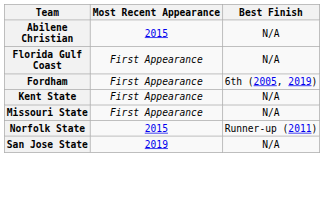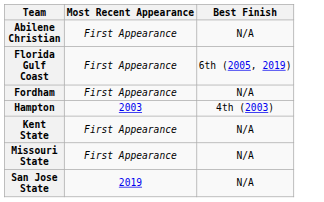 <table class="wikitable">
 <tr>
 <th>Team</th>
 <th>Most Recent Appearance</th>
 <th>Best Finish</th>
 </tr>
 <tr style="text-align:center;">
 <th width="75">Abilene Christian</th>
-<td><a href='#'>2015</a></td>
+<td><em>First Appearance</em></td>
 <td>N/A</td>
 </tr>
 <tr style="text-align:center;">
 <th width="75">Florida Gulf Coast</th>
 <td><em>First Appearance</em></td>
-<td>N/A</td>
+<td>6th (<a href='#'>2005</a>, <a href='#'>2019</a>)</td>
 </tr>
 <tr style="text-align:center;">
 <th width="75">Fordham</th>
 <td><em>First Appearance</em></td>
-<td>6th (<a href='#'>2005</a>, <a href='#'>2019</a>)</td>
+<td>N/A</td>
+</tr>
+<tr style="text-align:center;">
+<th width="75">Hampton</th>
+<td><a href='#'>2003</a></td>
+<td>4th (<a href='#'>2003</a>)</td>
 </tr>
 <tr style="text-align:center;">
 <th width="75">Kent State</th>
 <td><em>First Appearance</em></td>
 <td>N/A</td>
 </tr>
 <tr style="text-align:center;">
 <th width="75">Missouri State</th>
 <td><em>First Appearance</em></td>
 <td>N/A</td>
 </tr>
 <tr style="text-align:center;">
-<th width="110">Norfolk State</th>
-<td><a href='#'>2015</a></td>
-<td>Runner-up (<a href='#'>2011</a>)</td>
-</tr>
-<tr style="text-align:center;">
 <th width="75">San Jose State</th>
 <td><a href='#'>2019</a></td>
 <td>N/A</td>
 </tr>
 </table>
